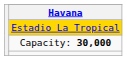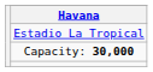 <table class="wikitable" style="text-align:center">
 <tr>
 <th rowspan="8"></th>
 </tr>
 <tr>
 <th><a href='#'>Havana</a></th>
 </tr>
 <tr>
-<td style="background: gold;"><a href='#'>Estadio La Tropical</a></td>
+<td><a href='#'>Estadio La Tropical</a></td>
 </tr>
 <tr>
 <td>Capacity: <strong>30,000</strong></td>
 </tr>
 <tr>
 <td></td>
 </tr>
 </table>
